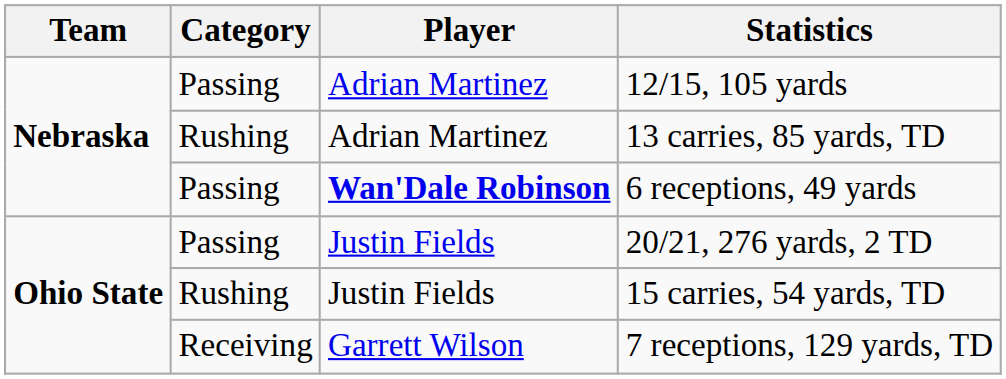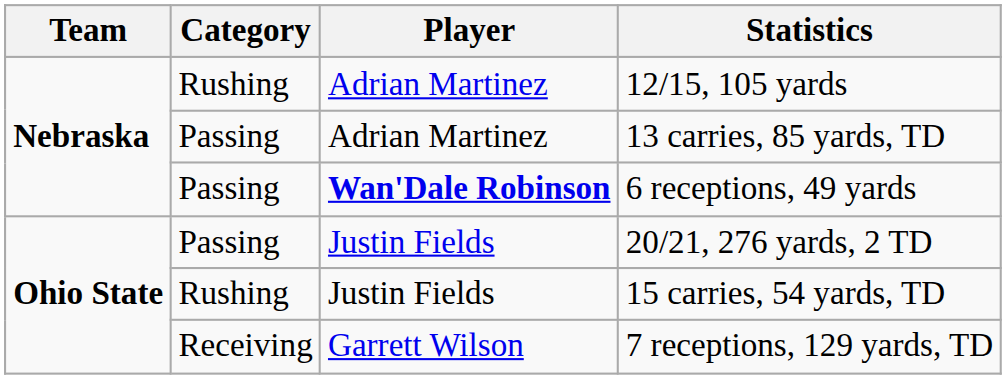 <table class="wikitable" style="float: right;">
 <tr>
 <th>Team</th>
 <th>Category</th>
 <th>Player</th>
 <th>Statistics</th>
 </tr>
 <tr>
 <td rowspan=3><strong>Nebraska</strong></td>
-<td>Passing</td>
+<td>Rushing</td>
 <td><a href='#'>Adrian Martinez</a></td>
 <td>12/15, 105 yards</td>
 </tr>
 <tr>
-<td>Rushing</td>
+<td>Passing</td>
 <td>Adrian Martinez</td>
 <td>13 carries, 85 yards, TD</td>
 </tr>
 <tr>
 <td>Passing</td>
 <td><strong><a href='#'>Wan'Dale Robinson</a></strong></td>
 <td>6 receptions, 49 yards</td>
 </tr>
 <tr>
 <td rowspan=3><strong>Ohio State</strong></td>
 <td>Passing</td>
 <td><a href='#'>Justin Fields</a></td>
 <td>20/21, 276 yards, 2 TD</td>
 </tr>
 <tr>
 <td>Rushing</td>
 <td>Justin Fields</td>
 <td>15 carries, 54 yards, TD</td>
 </tr>
 <tr>
 <td>Receiving</td>
 <td><a href='#'>Garrett Wilson</a></td>
 <td>7 receptions, 129 yards, TD</td>
 </tr>
 </table>
